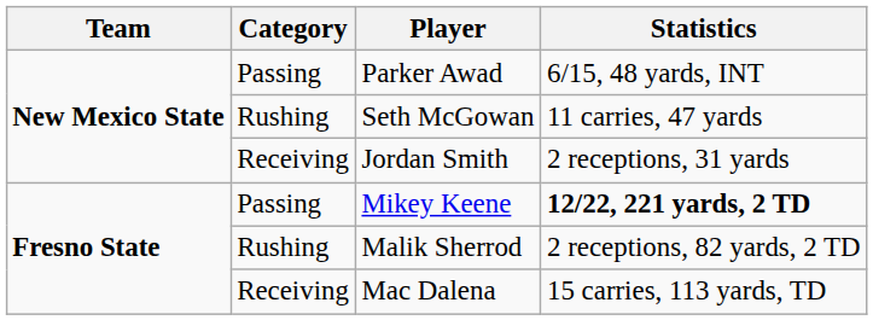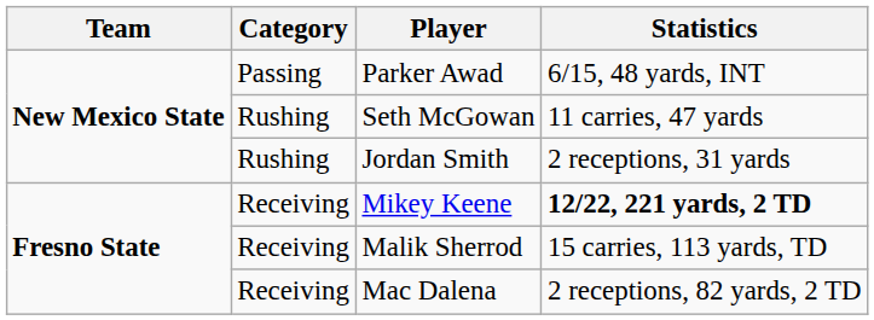 <table class="wikitable" style="float: right;">
 <tr>
 <th>Team</th>
 <th>Category</th>
 <th>Player</th>
 <th>Statistics</th>
 </tr>
 <tr>
 <td rowspan=3><strong>New Mexico State</strong></td>
 <td>Passing</td>
 <td>Parker Awad</td>
 <td>6/15, 48 yards, INT</td>
 </tr>
 <tr>
 <td>Rushing</td>
 <td>Seth McGowan</td>
 <td>11 carries, 47 yards</td>
 </tr>
 <tr>
-<td>Receiving</td>
+<td>Rushing</td>
 <td>Jordan Smith</td>
 <td>2 receptions, 31 yards</td>
 </tr>
 <tr>
 <td rowspan=3><strong>Fresno State</strong></td>
-<td>Passing</td>
+<td>Receiving</td>
 <td><a href='#'>Mikey Keene</a></td>
 <td><strong>12/22, 221 yards, 2 TD</strong></td>
 </tr>
 <tr>
-<td>Rushing</td>
+<td>Receiving</td>
 <td>Malik Sherrod</td>
-<td>2 receptions, 82 yards, 2 TD</td>
+<td>15 carries, 113 yards, TD</td>
 </tr>
 <tr>
 <td>Receiving</td>
 <td>Mac Dalena</td>
-<td>15 carries, 113 yards, TD</td>
+<td>2 receptions, 82 yards, 2 TD</td>
 </tr>
 </table>
